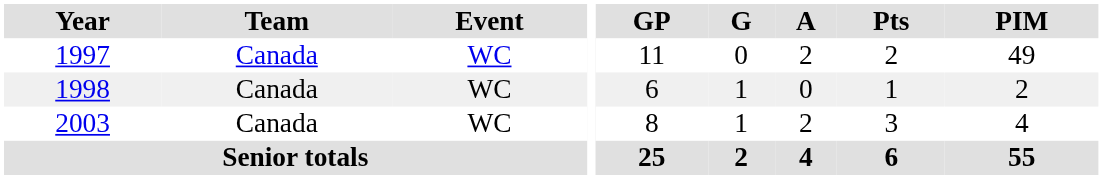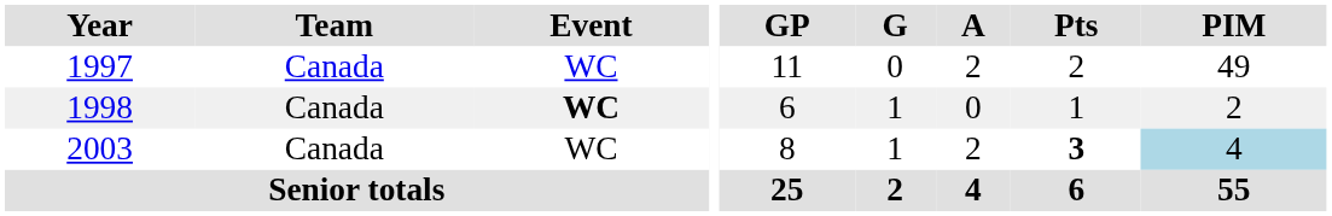 <table border="0" cellpadding="1" cellspacing="0" ID="Table3" style="text-align:center; width:40em">
 <tr bgcolor="#e0e0e0">
 <th>Year</th>
 <th>Team</th>
 <th>Event</th>
 <th rowspan="102" bgcolor="#ffffff"></th>
 <th>GP</th>
 <th>G</th>
 <th>A</th>
 <th>Pts</th>
 <th>PIM</th>
 </tr>
 <tr>
 <td><a href='#'>1997</a></td>
 <td><a href='#'>Canada</a></td>
 <td><a href='#'>WC</a></td>
 <td>11</td>
 <td>0</td>
 <td>2</td>
 <td>2</td>
 <td>49</td>
 </tr>
 <tr bgcolor="#f0f0f0">
 <td><a href='#'>1998</a></td>
 <td>Canada</td>
-<td>WC</td>
+<td><strong>WC</strong></td>
 <td>6</td>
 <td>1</td>
 <td>0</td>
 <td>1</td>
 <td>2</td>
 </tr>
 <tr>
 <td><a href='#'>2003</a></td>
 <td>Canada</td>
 <td>WC</td>
 <td>8</td>
 <td>1</td>
 <td>2</td>
-<td>3</td>
-<td>4</td>
+<td><strong>3</strong></td>
+<td style="background: lightblue;">4</td>
 </tr>
 <tr bgcolor="#e0e0e0">
 <th colspan="3">Senior totals</th>
 <th>25</th>
 <th>2</th>
 <th>4</th>
 <th>6</th>
 <th>55</th>
 </tr>
 </table>
